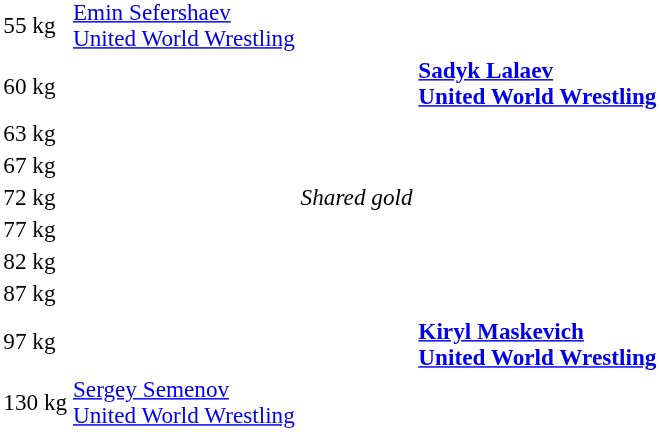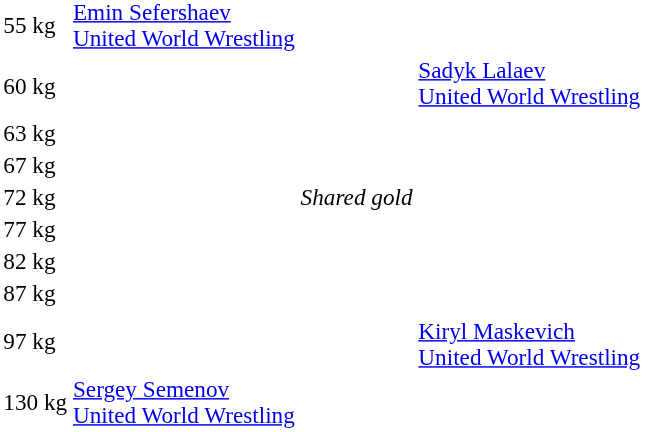 <table>
 <tr>
 <td rowspan=2>55 kg<br></td>
 <td rowspan=2><a href='#'>Emin Sefershaev</a><br> <a href='#'>United World Wrestling</a></td>
 <td rowspan=2></td>
 <td></td>
 </tr>
 <tr>
 <td></td>
 </tr>
 <tr>
 <td rowspan=2>60 kg<br></td>
 <td rowspan=2></td>
 <td rowspan=2></td>
-<td><strong><a href='#'>Sadyk Lalaev</a><br> <a href='#'>United World Wrestling</a></strong></td>
+<td><a href='#'>Sadyk Lalaev</a><br> <a href='#'>United World Wrestling</a></td>
 </tr>
 <tr>
 <td></td>
 </tr>
 <tr>
 <td rowspan=2>63 kg<br></td>
 <td rowspan=2></td>
 <td rowspan=2></td>
 <td></td>
 </tr>
 <tr>
 <td></td>
 </tr>
 <tr>
 <td rowspan=2>67 kg<br></td>
 <td rowspan=2></td>
 <td rowspan=2></td>
 <td></td>
 </tr>
 <tr>
 <td></td>
 </tr>
 <tr>
 <td rowspan=2>72 kg<br></td>
 <td></td>
 <td rowspan=2><em>Shared gold</em></td>
 <td></td>
 </tr>
 <tr>
 <td></td>
 <td></td>
 </tr>
 <tr>
 <td rowspan=2>77 kg<br></td>
 <td rowspan=2></td>
 <td rowspan=2></td>
 <td></td>
 </tr>
 <tr>
 <td></td>
 </tr>
 <tr>
 <td rowspan=2>82 kg<br></td>
 <td rowspan=2></td>
 <td rowspan=2></td>
 <td></td>
 </tr>
 <tr>
 <td></td>
 </tr>
 <tr>
 <td rowspan=2>87 kg<br></td>
 <td rowspan=2></td>
 <td rowspan=2></td>
 <td></td>
 </tr>
 <tr>
 <td></td>
 </tr>
 <tr>
 <td rowspan=2>97 kg<br></td>
 <td rowspan=2></td>
 <td rowspan=2></td>
 <td></td>
 </tr>
 <tr>
-<td><strong><a href='#'>Kiryl Maskevich</a><br> <a href='#'>United World Wrestling</a></strong></td>
+<td><a href='#'>Kiryl Maskevich</a><br> <a href='#'>United World Wrestling</a></td>
 </tr>
 <tr>
 <td rowspan=2>130 kg<br></td>
 <td rowspan=2><a href='#'>Sergey Semenov</a><br> <a href='#'>United World Wrestling</a></td>
 <td rowspan=2></td>
 <td></td>
 </tr>
 <tr>
 <td></td>
 </tr>
 </table>
